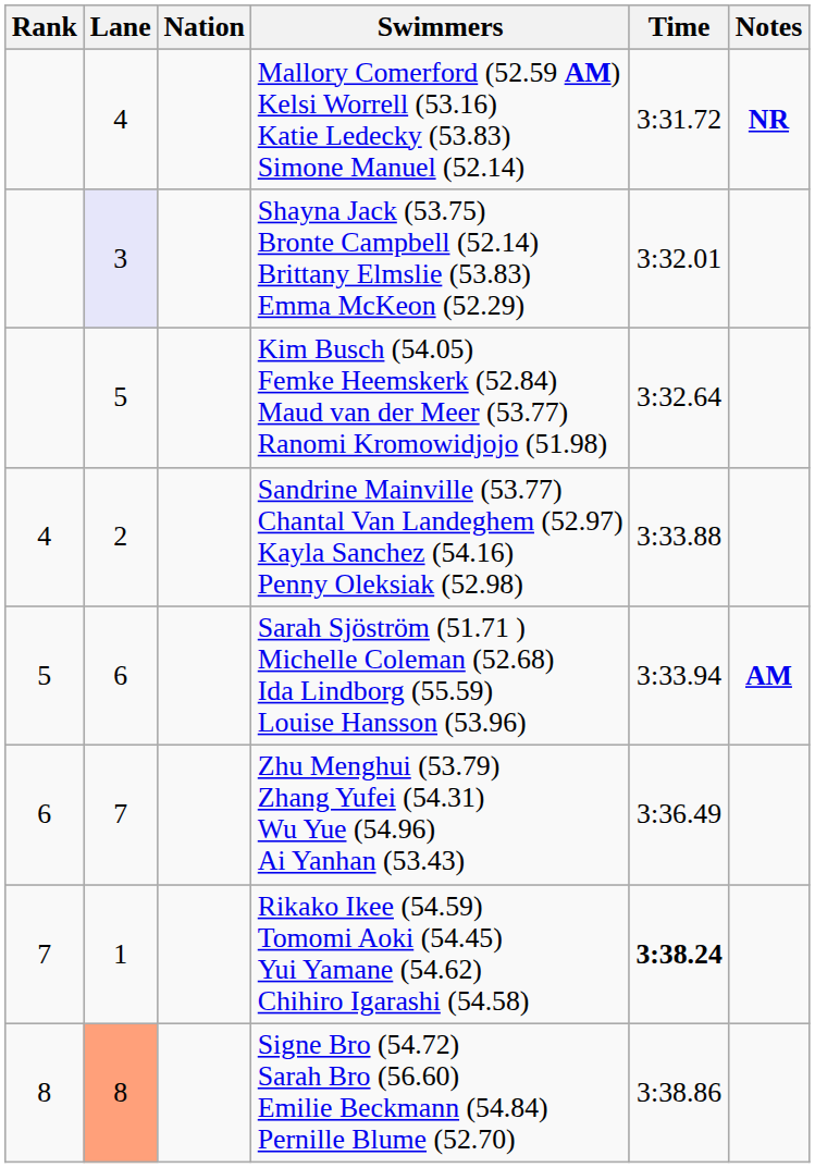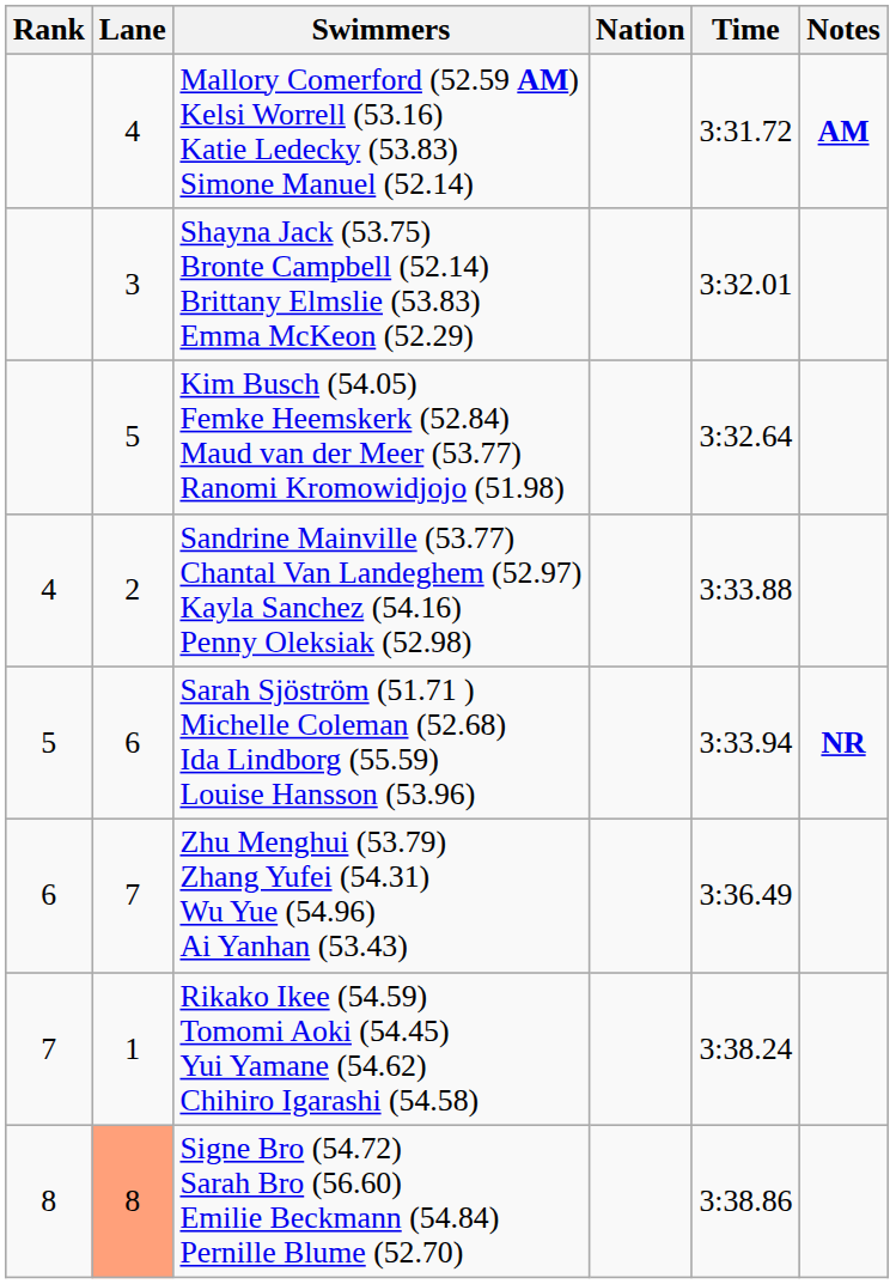 <table class="wikitable sortable" style="text-align:center">
 <tr>
 <th>Rank</th>
 <th>Lane</th>
+<th>Swimmers</th>
 <th>Nation</th>
-<th>Swimmers</th>
 <th>Time</th>
 <th>Notes</th>
 </tr>
 <tr>
 <td></td>
 <td>4</td>
+<td align=left><a href='#'>Mallory Comerford</a> (52.59 <strong><a href='#'>AM</a></strong>)<br><a href='#'>Kelsi Worrell</a> (53.16)<br><a href='#'>Katie Ledecky</a> (53.83)<br><a href='#'>Simone Manuel</a> (52.14)</td>
 <td align=left></td>
-<td align=left><a href='#'>Mallory Comerford</a> (52.59 <strong><a href='#'>AM</a></strong>)<br><a href='#'>Kelsi Worrell</a> (53.16)<br><a href='#'>Katie Ledecky</a> (53.83)<br><a href='#'>Simone Manuel</a> (52.14)</td>
 <td>3:31.72</td>
-<td><strong><a href='#'>NR</a></strong></td>
+<td><strong><a href='#'>AM</a></strong></td>
 </tr>
 <tr>
 <td></td>
-<td style="background: lavender;">3</td>
+<td>3</td>
+<td align=left><a href='#'>Shayna Jack</a> (53.75)<br><a href='#'>Bronte Campbell</a> (52.14)<br><a href='#'>Brittany Elmslie</a> (53.83)<br><a href='#'>Emma McKeon</a> (52.29)</td>
 <td align=left></td>
-<td align=left><a href='#'>Shayna Jack</a> (53.75)<br><a href='#'>Bronte Campbell</a> (52.14)<br><a href='#'>Brittany Elmslie</a> (53.83)<br><a href='#'>Emma McKeon</a> (52.29)</td>
 <td>3:32.01</td>
 <td></td>
 </tr>
 <tr>
 <td></td>
 <td>5</td>
+<td align=left><a href='#'>Kim Busch</a> (54.05)<br><a href='#'>Femke Heemskerk</a> (52.84)<br><a href='#'>Maud van der Meer</a> (53.77)<br><a href='#'>Ranomi Kromowidjojo</a> (51.98)</td>
 <td align=left></td>
-<td align=left><a href='#'>Kim Busch</a> (54.05)<br><a href='#'>Femke Heemskerk</a> (52.84)<br><a href='#'>Maud van der Meer</a> (53.77)<br><a href='#'>Ranomi Kromowidjojo</a> (51.98)</td>
 <td>3:32.64</td>
 <td></td>
 </tr>
 <tr>
 <td>4</td>
 <td>2</td>
+<td align=left><a href='#'>Sandrine Mainville</a> (53.77)<br><a href='#'>Chantal Van Landeghem</a> (52.97)<br><a href='#'>Kayla Sanchez</a> (54.16)<br><a href='#'>Penny Oleksiak</a> (52.98)</td>
 <td align=left></td>
-<td align=left><a href='#'>Sandrine Mainville</a> (53.77)<br><a href='#'>Chantal Van Landeghem</a> (52.97)<br><a href='#'>Kayla Sanchez</a> (54.16)<br><a href='#'>Penny Oleksiak</a> (52.98)</td>
 <td>3:33.88</td>
 <td></td>
 </tr>
 <tr>
 <td>5</td>
 <td>6</td>
+<td align=left><a href='#'>Sarah Sjöström</a> (51.71 ) <br><a href='#'>Michelle Coleman</a> (52.68)<br><a href='#'>Ida Lindborg</a> (55.59)<br><a href='#'>Louise Hansson</a> (53.96)</td>
 <td align=left></td>
-<td align=left><a href='#'>Sarah Sjöström</a> (51.71 ) <br><a href='#'>Michelle Coleman</a> (52.68)<br><a href='#'>Ida Lindborg</a> (55.59)<br><a href='#'>Louise Hansson</a> (53.96)</td>
 <td>3:33.94</td>
-<td><strong><a href='#'>AM</a></strong></td>
+<td><strong><a href='#'>NR</a></strong></td>
 </tr>
 <tr>
 <td>6</td>
 <td>7</td>
+<td align=left><a href='#'>Zhu Menghui</a> (53.79)<br><a href='#'>Zhang Yufei</a> (54.31)<br><a href='#'>Wu Yue</a> (54.96)<br><a href='#'>Ai Yanhan</a> (53.43)</td>
 <td align=left></td>
-<td align=left><a href='#'>Zhu Menghui</a> (53.79)<br><a href='#'>Zhang Yufei</a> (54.31)<br><a href='#'>Wu Yue</a> (54.96)<br><a href='#'>Ai Yanhan</a> (53.43)</td>
 <td>3:36.49</td>
 <td></td>
 </tr>
 <tr>
 <td>7</td>
 <td>1</td>
+<td align=left><a href='#'>Rikako Ikee</a> (54.59)<br><a href='#'>Tomomi Aoki</a> (54.45)<br><a href='#'>Yui Yamane</a> (54.62)<br><a href='#'>Chihiro Igarashi</a> (54.58)</td>
 <td align=left></td>
-<td align=left><a href='#'>Rikako Ikee</a> (54.59)<br><a href='#'>Tomomi Aoki</a> (54.45)<br><a href='#'>Yui Yamane</a> (54.62)<br><a href='#'>Chihiro Igarashi</a> (54.58)</td>
-<td><strong>3:38.24</strong></td>
+<td>3:38.24</td>
 <td></td>
 </tr>
 <tr>
 <td>8</td>
 <td style="background: lightsalmon;">8</td>
+<td align=left><a href='#'>Signe Bro</a> (54.72)<br><a href='#'>Sarah Bro</a> (56.60)<br><a href='#'>Emilie Beckmann</a> (54.84)<br><a href='#'>Pernille Blume</a> (52.70)</td>
 <td align=left></td>
-<td align=left><a href='#'>Signe Bro</a> (54.72)<br><a href='#'>Sarah Bro</a> (56.60)<br><a href='#'>Emilie Beckmann</a> (54.84)<br><a href='#'>Pernille Blume</a> (52.70)</td>
 <td>3:38.86</td>
 <td></td>
 </tr>
 </table>
